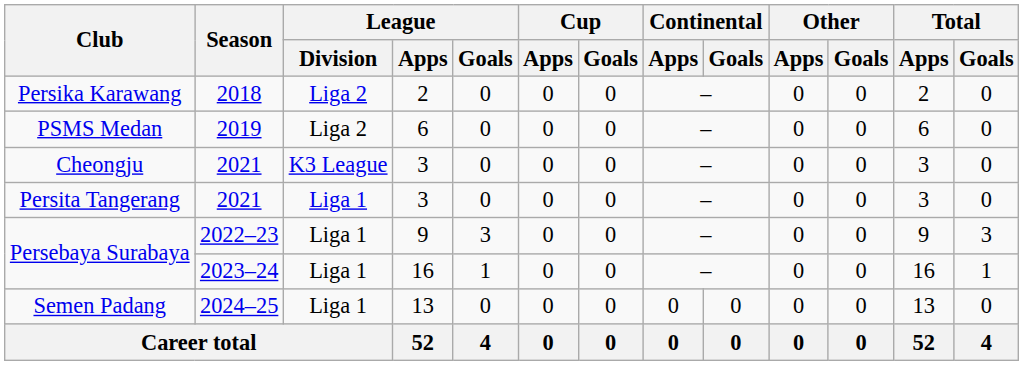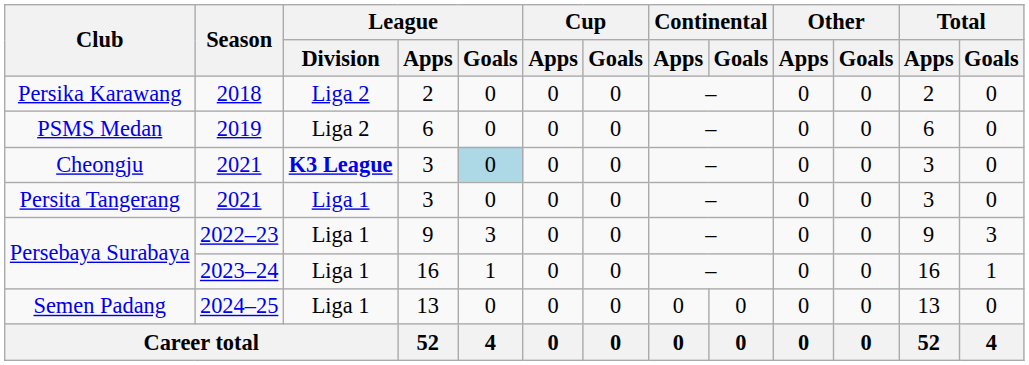 <table class="wikitable" style="text-align:center">
 <tr>
 <th rowspan="2">Club</th>
 <th rowspan="2">Season</th>
 <th colspan="3">League</th>
 <th colspan="2">Cup</th>
 <th colspan="2">Continental</th>
 <th colspan="2">Other</th>
 <th colspan="2">Total</th>
 </tr>
 <tr>
 <th>Division</th>
 <th>Apps</th>
 <th>Goals</th>
 <th>Apps</th>
 <th>Goals</th>
 <th>Apps</th>
 <th>Goals</th>
 <th>Apps</th>
 <th>Goals</th>
 <th>Apps</th>
 <th>Goals</th>
 </tr>
 <tr>
 <td><a href='#'>Persika Karawang</a></td>
 <td><a href='#'>2018</a></td>
 <td><a href='#'>Liga 2</a></td>
 <td>2</td>
 <td>0</td>
 <td>0</td>
 <td>0</td>
 <td colspan="2">–</td>
 <td>0</td>
 <td>0</td>
 <td>2</td>
 <td>0</td>
 </tr>
 <tr>
 <td rowspan="1" valign="center"><a href='#'>PSMS Medan</a></td>
 <td><a href='#'>2019</a></td>
 <td>Liga 2</td>
 <td>6</td>
 <td>0</td>
 <td>0</td>
 <td>0</td>
 <td colspan="2">–</td>
 <td>0</td>
 <td>0</td>
 <td>6</td>
 <td>0</td>
 </tr>
 <tr>
 <td rowspan="1" valign="center"><a href='#'>Cheongju</a></td>
 <td><a href='#'>2021</a></td>
-<td><a href='#'>K3 League</a></td>
+<td><strong><a href='#'>K3 League</a></strong></td>
 <td>3</td>
-<td>0</td>
+<td style="background: lightblue;">0</td>
 <td>0</td>
 <td>0</td>
 <td colspan="2">–</td>
 <td>0</td>
 <td>0</td>
 <td>3</td>
 <td>0</td>
 </tr>
 <tr>
 <td rowspan="1" valign="center"><a href='#'>Persita Tangerang</a></td>
 <td><a href='#'>2021</a></td>
 <td><a href='#'>Liga 1</a></td>
 <td>3</td>
 <td>0</td>
 <td>0</td>
 <td>0</td>
 <td colspan="2">–</td>
 <td>0</td>
 <td>0</td>
 <td>3</td>
 <td>0</td>
 </tr>
 <tr>
 <td rowspan="2"><a href='#'>Persebaya Surabaya</a></td>
 <td><a href='#'>2022–23</a></td>
 <td rowspan="1" valign="center">Liga 1</td>
 <td>9</td>
 <td>3</td>
 <td>0</td>
 <td>0</td>
 <td colspan="2">–</td>
 <td>0</td>
 <td>0</td>
 <td>9</td>
 <td>3</td>
 </tr>
 <tr>
 <td><a href='#'>2023–24</a></td>
 <td>Liga 1</td>
 <td>16</td>
 <td>1</td>
 <td>0</td>
 <td>0</td>
 <td colspan="2">–</td>
 <td>0</td>
 <td>0</td>
 <td>16</td>
 <td>1</td>
 </tr>
 <tr>
 <td><a href='#'>Semen Padang</a></td>
 <td><a href='#'>2024–25</a></td>
 <td>Liga 1</td>
 <td>13</td>
 <td>0</td>
 <td>0</td>
 <td>0</td>
 <td>0</td>
 <td>0</td>
 <td>0</td>
 <td>0</td>
 <td>13</td>
 <td>0</td>
 </tr>
 <tr>
 <th colspan="3">Career total</th>
 <th>52</th>
 <th>4</th>
 <th>0</th>
 <th>0</th>
 <th>0</th>
 <th>0</th>
 <th>0</th>
 <th>0</th>
 <th>52</th>
 <th>4</th>
 </tr>
 </table>
